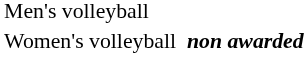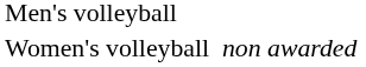 <table>
 <tr>
 <td>Men's volleyball</td>
 <td></td>
 <td></td>
 <td></td>
 </tr>
 <tr>
 <td>Women's volleyball</td>
 <td></td>
-<td><strong><em>non awarded</em></strong></td>
+<td><em>non awarded</em></td>
 <td></td>
 </tr>
 </table>
